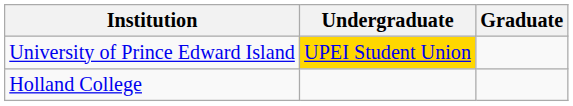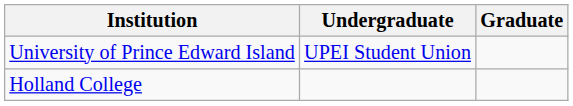 <table class="wikitable sortable">
 <tr>
 <th>Institution</th>
 <th>Undergraduate</th>
 <th>Graduate</th>
 </tr>
 <tr>
 <td><a href='#'>University of Prince Edward Island</a></td>
-<td style="background: gold;"><a href='#'>UPEI Student Union</a></td>
+<td><a href='#'>UPEI Student Union</a></td>
 <td></td>
 </tr>
 <tr>
 <td><a href='#'>Holland College</a></td>
 <td></td>
 </tr>
 </table>
